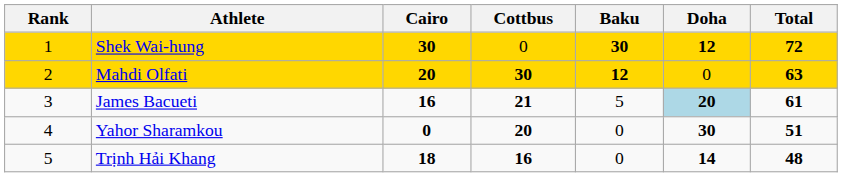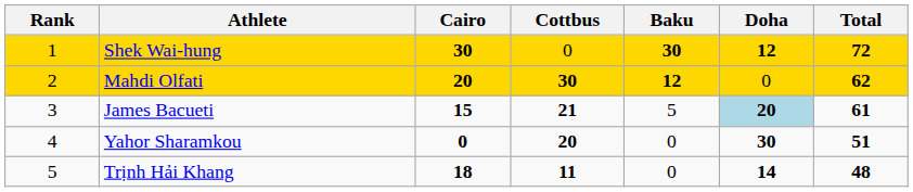 <table style="width:60%;" class="wikitable">
 <tr>
 <th style="text-align:center; width:6%;">Rank</th>
 <th style="text-align:center; width:20%;">Athlete</th>
 <th style="text-align:center; width:6%;"> Cairo</th>
 <th style="text-align:center; width:6%;"> Cottbus</th>
 <th style="text-align:center; width:6%;"> Baku</th>
 <th style="text-align:center; width:6%;"> Doha</th>
 <th style="text-align:center; width:6%;">Total</th>
 </tr>
 <tr scope=row style="text-align:center" bgcolor=gold>
 <td>1</td>
 <td align=left> <a href='#'>Shek Wai-hung</a></td>
 <td><strong>30</strong></td>
 <td>0</td>
 <td><strong>30</strong></td>
 <td><strong>12</strong></td>
 <td><strong>72</strong></td>
 </tr>
 <tr scope=row style="text-align:center" bgcolor=gold>
 <td>2</td>
 <td align=left> <a href='#'>Mahdi Olfati</a></td>
 <td><strong>20</strong></td>
 <td><strong>30</strong></td>
 <td><strong>12</strong></td>
 <td>0</td>
-<td><strong>63</strong></td>
+<td><strong>62</strong></td>
 </tr>
 <tr scope=row style="text-align:center">
 <td>3</td>
 <td align=left> <a href='#'>James Bacueti</a></td>
-<td><strong>16</strong></td>
+<td><strong>15</strong></td>
 <td><strong>21</strong></td>
 <td>5</td>
 <td style="background: lightblue;"><strong>20</strong></td>
 <td><strong>61</strong></td>
 </tr>
 <tr scope=row style="text-align:center">
 <td>4</td>
 <td align=left> <a href='#'>Yahor Sharamkou</a></td>
 <td><strong>0</strong></td>
 <td><strong>20</strong></td>
 <td>0</td>
 <td><strong>30</strong></td>
 <td><strong>51</strong></td>
 </tr>
 <tr scope=row style="text-align:center">
 <td>5</td>
 <td align=left> <a href='#'>Trịnh Hải Khang</a></td>
 <td><strong>18</strong></td>
-<td><strong>16</strong></td>
+<td><strong>11</strong></td>
 <td>0</td>
 <td><strong>14</strong></td>
 <td><strong>48</strong></td>
 </tr>
 </table>
